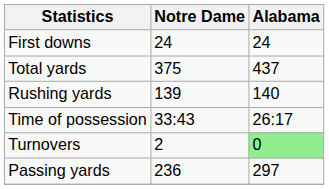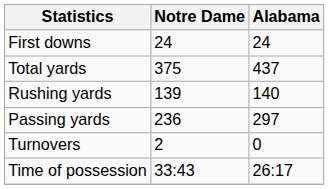 <table class="wikitable">
 <tr>
 <th>Statistics</th>
 <th>Notre Dame</th>
 <th>Alabama</th>
 </tr>
 <tr>
 <td>First downs</td>
 <td>24</td>
 <td>24</td>
 </tr>
 <tr>
 <td>Total yards</td>
 <td>375</td>
 <td>437</td>
 </tr>
 <tr>
 <td>Rushing yards</td>
 <td>139</td>
 <td>140</td>
 </tr>
 <tr>
+<td>Passing yards</td>
+<td>236</td>
+<td>297</td>
+</tr>
+<tr>
+<td>Turnovers</td>
+<td>2</td>
+<td>0</td>
+</tr>
+<tr>
 <td>Time of possession</td>
 <td>33:43</td>
 <td>26:17</td>
 </tr>
 <tr>
-<td>Turnovers</td>
-<td>2</td>
-<td style="background: lightgreen;">0</td>
-</tr>
-<tr>
-<td>Passing yards</td>
-<td>236</td>
-<td>297</td>
-</tr>
-<tr>
 </tr>
 </table>
